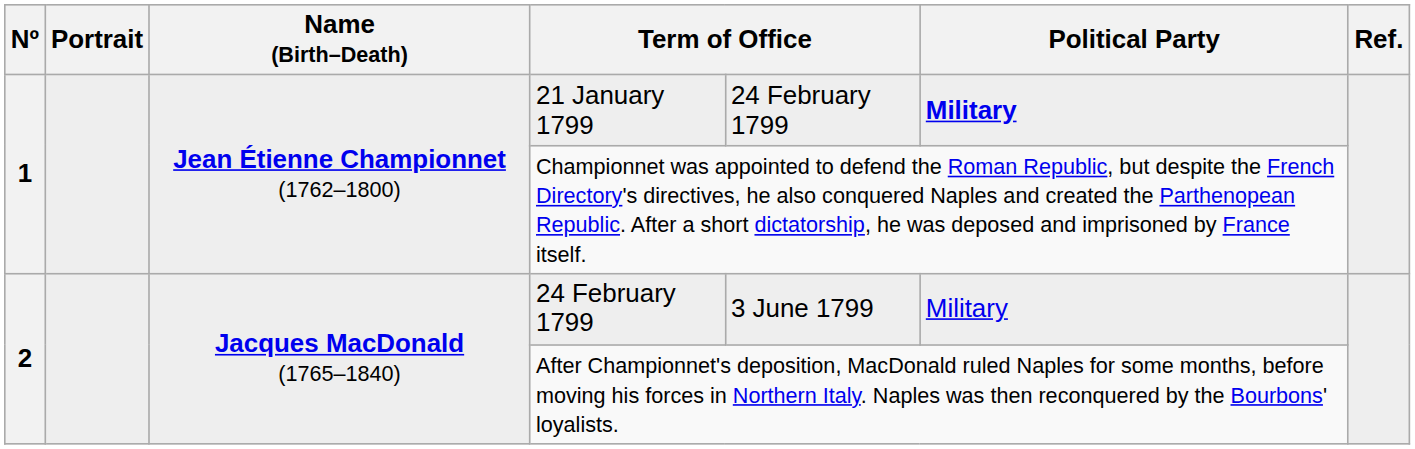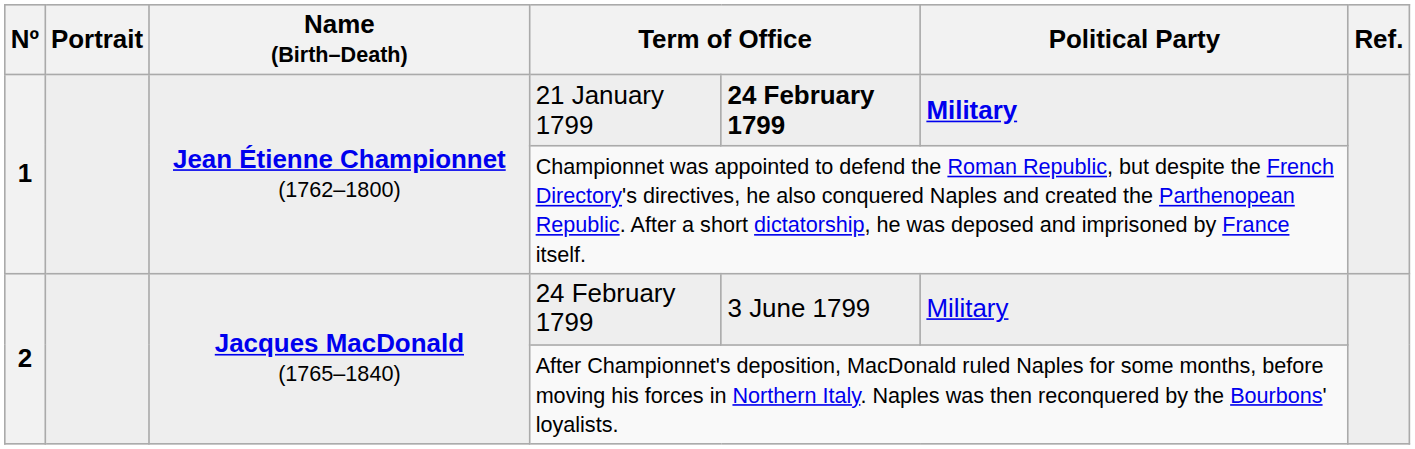 <table class="wikitable">
 <tr>
 <th>Nº</th>
 <th>Portrait</th>
 <th width=30%>Name<br><small>(Birth–Death)</small></th>
 <th colspan=2 width=30%>Term of Office</th>
 <th width=35%>Political Party</th>
 <th>Ref.</th>
 </tr>
 <tr bgcolor=#EEEEEE>
 <th rowspan=2 style="background:">1</th>
 <td rowspan=2></td>
 <td rowspan=2 align=center><strong><a href='#'>Jean Étienne Championnet</a></strong><br><small>(1762–1800)</small></td>
 <td>21 January 1799</td>
-<td>24 February 1799</td>
+<td><strong>24 February 1799</strong></td>
 <td><strong><a href='#'>Military</a></strong></td>
 <td rowspan=2></td>
 </tr>
 <tr>
 <td colspan=3><small> Championnet was appointed to defend the <a href='#'>Roman Republic</a>, but despite the <a href='#'>French Directory</a>'s directives, he also conquered Naples and created the <a href='#'>Parthenopean Republic</a>. After a short <a href='#'>dictatorship</a>, he was deposed and imprisoned by <a href='#'>France</a> itself.</small></td>
 </tr>
 <tr bgcolor=#EEEEEE>
 <th rowspan=2 style="background:">2</th>
 <td rowspan=2></td>
 <td rowspan=2 align=center><strong><a href='#'>Jacques MacDonald</a></strong><br><small>(1765–1840)</small></td>
 <td>24 February 1799</td>
 <td>3 June 1799</td>
 <td><a href='#'>Military</a></td>
 <td rowspan=2></td>
 </tr>
 <tr>
 <td colspan=3><small>After Championnet's deposition, MacDonald ruled Naples for some months, before moving his forces in <a href='#'>Northern Italy</a>. Naples was then reconquered by the <a href='#'>Bourbons</a>' loyalists.</small></td>
 </tr>
 </table>
